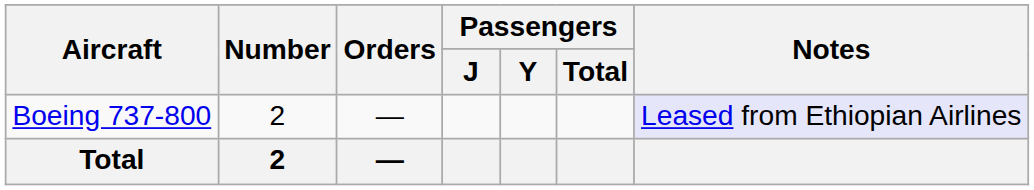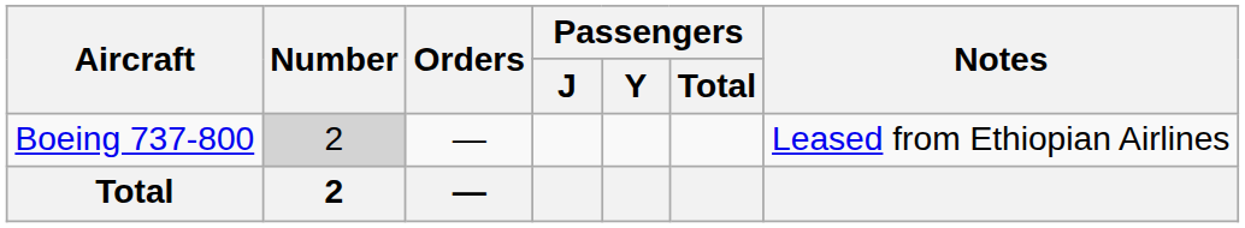 <table class=wikitable style="margin:auto;text-align:center">
 <tr>
 <th rowspan="2">Aircraft</th>
 <th rowspan="2" style="width:60px;">Number</th>
 <th rowspan="2" style="width:40px;">Orders</th>
 <th colspan="3" class="unsortable">Passengers</th>
 <th rowspan="2">Notes</th>
 </tr>
 <tr>
 <th style="width:25px;">J</th>
 <th style="width:25px;">Y</th>
 <th style="width:25px;">Total</th>
 </tr>
 <tr>
 <td><a href='#'>Boeing 737-800</a></td>
-<td>2</td>
+<td style="background: lightgrey;">2</td>
 <td>—</td>
 <td></td>
 <td></td>
 <td></td>
-<td style="background: lavender;"><a href='#'>Leased</a> from Ethiopian Airlines</td>
+<td><a href='#'>Leased</a> from Ethiopian Airlines</td>
 </tr>
 <tr>
 <th>Total</th>
 <th>2</th>
 <th>—</th>
 <th></th>
 <th></th>
 <th></th>
 <th></th>
 </tr>
 </table>
